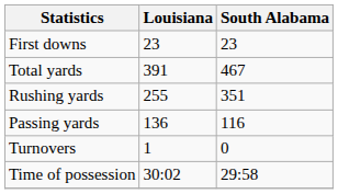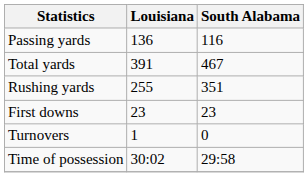 <table class="wikitable">
 <tr>
 <th>Statistics</th>
 <th>Louisiana</th>
 <th>South Alabama</th>
 </tr>
 <tr>
-<td>First downs</td>
-<td>23</td>
-<td>23</td>
+<td>Passing yards</td>
+<td>136</td>
+<td>116</td>
 </tr>
 <tr>
 <td>Total yards</td>
 <td>391</td>
 <td>467</td>
 </tr>
 <tr>
 <td>Rushing yards</td>
 <td>255</td>
 <td>351</td>
 </tr>
 <tr>
-<td>Passing yards</td>
-<td>136</td>
-<td>116</td>
+<td>First downs</td>
+<td>23</td>
+<td>23</td>
 </tr>
 <tr>
 <td>Turnovers</td>
 <td>1</td>
 <td>0</td>
 </tr>
 <tr>
 <td>Time of possession</td>
 <td>30:02</td>
 <td>29:58</td>
 </tr>
 <tr>
 </tr>
 </table>
